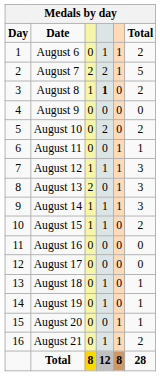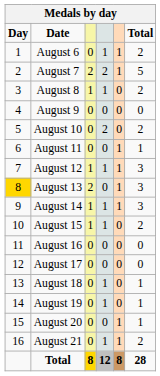 <table class="wikitable" style="font-size:85%; float:right">
 <tr align=center>
 <th colspan=7>Medals by day</th>
 </tr>
 <tr align=center>
 <td><strong>Day</strong></td>
 <td><strong>Date</strong></td>
 <td style="background:#f7f6a8;"></td>
 <td style="background:#dce5e5;"></td>
 <td style="background:#ffdab9;"></td>
 <td><strong>Total</strong></td>
 </tr>
 <tr align=center>
 <td>1</td>
 <td>August 6</td>
 <td style="background:#f7f6a8;">0</td>
 <td style="background:#dce5e5;">1</td>
 <td style="background:#ffdab9;">1</td>
 <td>2</td>
 </tr>
 <tr align=center>
 <td>2</td>
 <td>August 7</td>
 <td style="background:#f7f6a8;">2</td>
 <td style="background:#dce5e5;">2</td>
 <td style="background:#ffdab9;">1</td>
 <td>5</td>
 </tr>
 <tr align=center>
 <td>3</td>
 <td>August 8</td>
 <td style="background:#f7f6a8;">1</td>
-<td style="background:#dce5e5;"><strong>1</strong></td>
+<td style="background:#dce5e5;">1</td>
 <td style="background:#ffdab9;">0</td>
 <td>2</td>
 </tr>
 <tr align=center>
 <td>4</td>
 <td>August 9</td>
 <td style="background:#f7f6a8;">0</td>
 <td style="background:#dce5e5;">0</td>
 <td style="background:#ffdab9;">0</td>
 <td>0</td>
 </tr>
 <tr align=center>
 <td>5</td>
 <td>August 10</td>
 <td style="background:#f7f6a8;">0</td>
 <td style="background:#dce5e5;">2</td>
 <td style="background:#ffdab9;">0</td>
 <td>2</td>
 </tr>
 <tr align=center>
 <td>6</td>
 <td>August 11</td>
 <td style="background:#f7f6a8;">0</td>
 <td style="background:#dce5e5;">0</td>
 <td style="background:#ffdab9;">1</td>
 <td>1</td>
 </tr>
 <tr align=center>
 <td>7</td>
 <td>August 12</td>
 <td style="background:#f7f6a8;">1</td>
 <td style="background:#dce5e5;">1</td>
 <td style="background:#ffdab9;">1</td>
 <td>3</td>
 </tr>
 <tr align=center>
-<td>8</td>
+<td style="background: gold;">8</td>
 <td>August 13</td>
 <td style="background:#f7f6a8;">2</td>
 <td style="background:#dce5e5;">0</td>
 <td style="background:#ffdab9;">1</td>
 <td>3</td>
 </tr>
 <tr align=center>
 <td>9</td>
 <td>August 14</td>
 <td style="background:#f7f6a8;">1</td>
 <td style="background:#dce5e5;">1</td>
 <td style="background:#ffdab9;">1</td>
 <td>3</td>
 </tr>
 <tr align=center>
 <td>10</td>
 <td>August 15</td>
 <td style="background:#f7f6a8;">1</td>
 <td style="background:#dce5e5;">1</td>
 <td style="background:#ffdab9;">0</td>
 <td>2</td>
 </tr>
 <tr align=center>
 <td>11</td>
 <td>August 16</td>
 <td style="background:#f7f6a8;">0</td>
 <td style="background:#dce5e5;">0</td>
 <td style="background:#ffdab9;">0</td>
 <td>0</td>
 </tr>
 <tr align=center>
 <td>12</td>
 <td>August 17</td>
 <td style="background:#f7f6a8;">0</td>
 <td style="background:#dce5e5;">0</td>
 <td style="background:#ffdab9;">0</td>
 <td>0</td>
 </tr>
 <tr align=center>
 <td>13</td>
 <td>August 18</td>
 <td style="background:#f7f6a8;">0</td>
 <td style="background:#dce5e5;">1</td>
 <td style="background:#ffdab9;">0</td>
 <td>1</td>
 </tr>
 <tr align=center>
 <td>14</td>
 <td>August 19</td>
 <td style="background:#f7f6a8;">0</td>
 <td style="background:#dce5e5;">1</td>
 <td style="background:#ffdab9;">0</td>
 <td>1</td>
 </tr>
 <tr align=center>
 <td>15</td>
 <td>August 20</td>
 <td style="background:#f7f6a8;">0</td>
 <td style="background:#dce5e5;">0</td>
 <td style="background:#ffdab9;">1</td>
 <td>1</td>
 </tr>
 <tr align=center>
 <td>16</td>
 <td>August 21</td>
 <td style="background:#f7f6a8;">0</td>
 <td style="background:#dce5e5;">1</td>
 <td style="background:#ffdab9;">1</td>
 <td>2<br></td>
 </tr>
 <tr align=center>
 <td></td>
 <td><strong>Total</strong></td>
 <td style="background:gold;"><strong>8</strong></td>
 <td style="background:silver;"><strong>12</strong></td>
 <td style="background:#c96;"><strong>8</strong></td>
 <td><strong>28</strong></td>
 </tr>
 </table>
